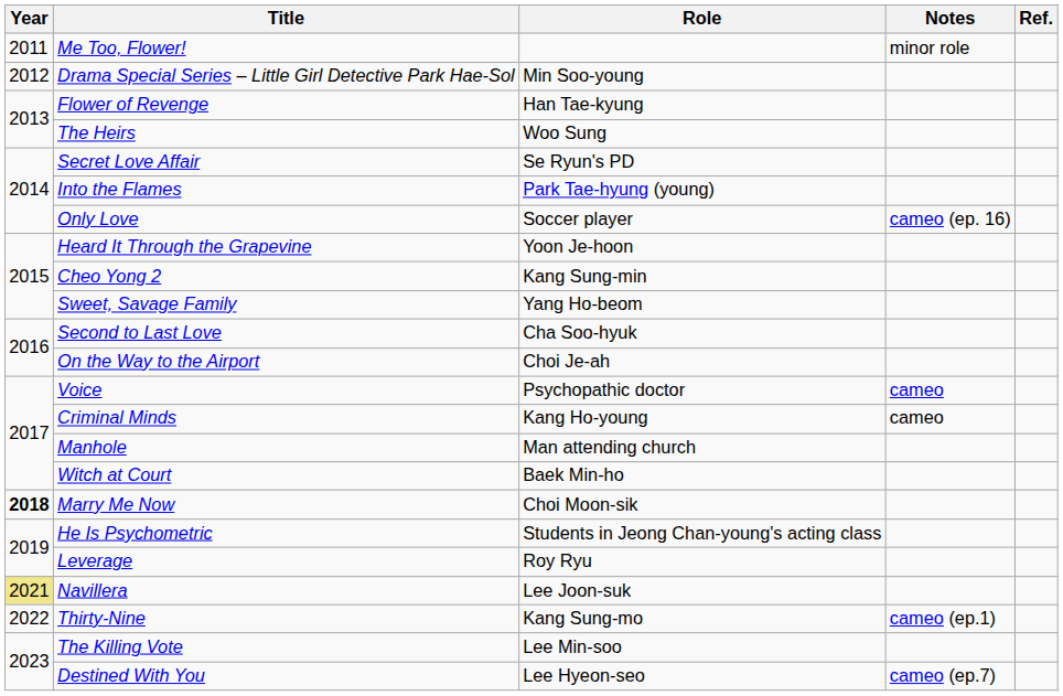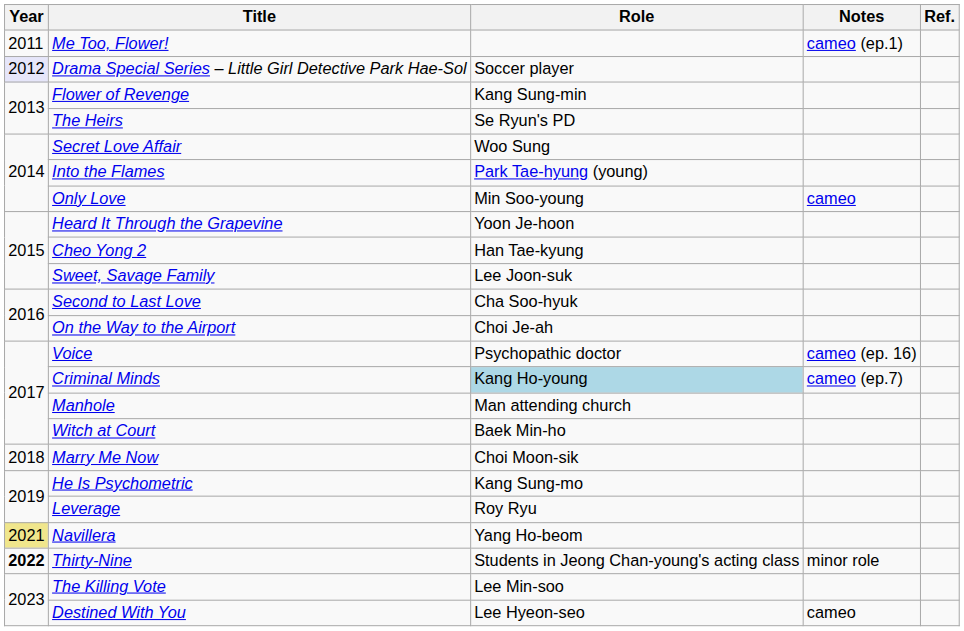 <table class="wikitable">
 <tr>
 <th>Year</th>
 <th>Title</th>
 <th>Role</th>
 <th>Notes</th>
 <th>Ref.</th>
 </tr>
 <tr>
 <td>2011</td>
 <td><em><a href='#'>Me Too, Flower!</a></em></td>
 <td></td>
-<td>minor role</td>
+<td><a href='#'>cameo</a> (ep.1)</td>
 <td></td>
 </tr>
 <tr>
-<td>2012</td>
+<td style="background: lavender;">2012</td>
 <td><em><a href='#'>Drama Special Series</a></em> – <em>Little Girl Detective Park Hae-Sol</em></td>
-<td>Min Soo-young</td>
+<td>Soccer player</td>
 <td></td>
 <td></td>
 </tr>
 <tr>
 <td rowspan="2">2013</td>
 <td><em><a href='#'>Flower of Revenge</a></em></td>
-<td>Han Tae-kyung</td>
+<td>Kang Sung-min</td>
 <td></td>
 <td></td>
 </tr>
 <tr>
 <td><em><a href='#'>The Heirs</a></em></td>
-<td>Woo Sung</td>
+<td>Se Ryun's PD</td>
 <td></td>
 <td></td>
 </tr>
 <tr>
 <td rowspan="3">2014</td>
 <td><em><a href='#'>Secret Love Affair</a></em></td>
-<td>Se Ryun's PD</td>
+<td>Woo Sung</td>
 <td></td>
 <td></td>
 </tr>
 <tr>
 <td><em><a href='#'>Into the Flames</a></em></td>
 <td><a href='#'>Park Tae-hyung</a> (young)</td>
 <td></td>
 <td></td>
 </tr>
 <tr>
 <td><em><a href='#'>Only Love</a></em></td>
-<td>Soccer player</td>
-<td><a href='#'>cameo</a> (ep. 16)</td>
+<td>Min Soo-young</td>
+<td><a href='#'>cameo</a></td>
 <td></td>
 </tr>
 <tr>
 <td rowspan="3" style="text-align:center;">2015</td>
 <td><em><a href='#'>Heard It Through the Grapevine</a></em></td>
 <td>Yoon Je-hoon</td>
 <td></td>
 <td></td>
 </tr>
 <tr>
 <td><em><a href='#'>Cheo Yong 2</a></em></td>
-<td>Kang Sung-min</td>
+<td>Han Tae-kyung</td>
 <td></td>
 <td></td>
 </tr>
 <tr>
 <td><em><a href='#'>Sweet, Savage Family</a></em></td>
-<td>Yang Ho-beom</td>
+<td>Lee Joon-suk</td>
 <td></td>
 <td></td>
 </tr>
 <tr>
 <td rowspan="2">2016</td>
 <td><em><a href='#'>Second to Last Love</a></em></td>
 <td>Cha Soo-hyuk</td>
 <td></td>
 <td></td>
 </tr>
 <tr>
 <td><em><a href='#'>On the Way to the Airport</a></em></td>
 <td>Choi Je-ah</td>
 <td></td>
 <td></td>
 </tr>
 <tr>
 <td rowspan="4">2017</td>
 <td><em><a href='#'>Voice</a></em></td>
 <td>Psychopathic doctor</td>
-<td><a href='#'>cameo</a></td>
+<td><a href='#'>cameo</a> (ep. 16)</td>
 <td></td>
 </tr>
 <tr>
 <td><em><a href='#'>Criminal Minds</a></em></td>
-<td>Kang Ho-young</td>
-<td>cameo</td>
+<td style="background: lightblue;">Kang Ho-young</td>
+<td><a href='#'>cameo</a> (ep.7)</td>
 <td></td>
 </tr>
 <tr>
 <td><em><a href='#'>Manhole</a></em></td>
 <td>Man attending church</td>
 <td></td>
 <td></td>
 </tr>
 <tr>
 <td><em><a href='#'>Witch at Court</a></em></td>
 <td>Baek Min-ho</td>
 <td></td>
 <td></td>
 </tr>
 <tr>
-<td><strong>2018</strong></td>
+<td>2018</td>
 <td><em><a href='#'>Marry Me Now</a></em></td>
 <td>Choi Moon-sik</td>
 <td></td>
 <td></td>
 </tr>
 <tr>
 <td rowspan="2">2019</td>
 <td><em><a href='#'>He Is Psychometric</a></em></td>
-<td>Students in Jeong Chan-young's acting class</td>
+<td>Kang Sung-mo</td>
 <td></td>
 <td></td>
 </tr>
 <tr>
 <td><em><a href='#'>Leverage</a></em></td>
 <td>Roy Ryu</td>
 <td></td>
 <td></td>
 </tr>
 <tr>
 <td style="background: khaki;">2021</td>
 <td><em><a href='#'>Navillera</a></em></td>
-<td>Lee Joon-suk</td>
+<td>Yang Ho-beom</td>
 <td></td>
 <td></td>
 </tr>
 <tr>
-<td>2022</td>
+<td><strong>2022</strong></td>
 <td><em><a href='#'>Thirty-Nine</a></em></td>
-<td>Kang Sung-mo</td>
-<td><a href='#'>cameo</a> (ep.1)</td>
+<td>Students in Jeong Chan-young's acting class</td>
+<td>minor role</td>
 <td></td>
 </tr>
 <tr>
 <td rowspan="2">2023</td>
 <td><em><a href='#'>The Killing Vote</a></em></td>
 <td>Lee Min-soo</td>
 <td></td>
 <td></td>
 </tr>
 <tr>
 <td><em><a href='#'>Destined With You</a></em></td>
 <td>Lee Hyeon-seo</td>
-<td><a href='#'>cameo</a> (ep.7)</td>
+<td>cameo</td>
 <td></td>
 </tr>
 </table>
